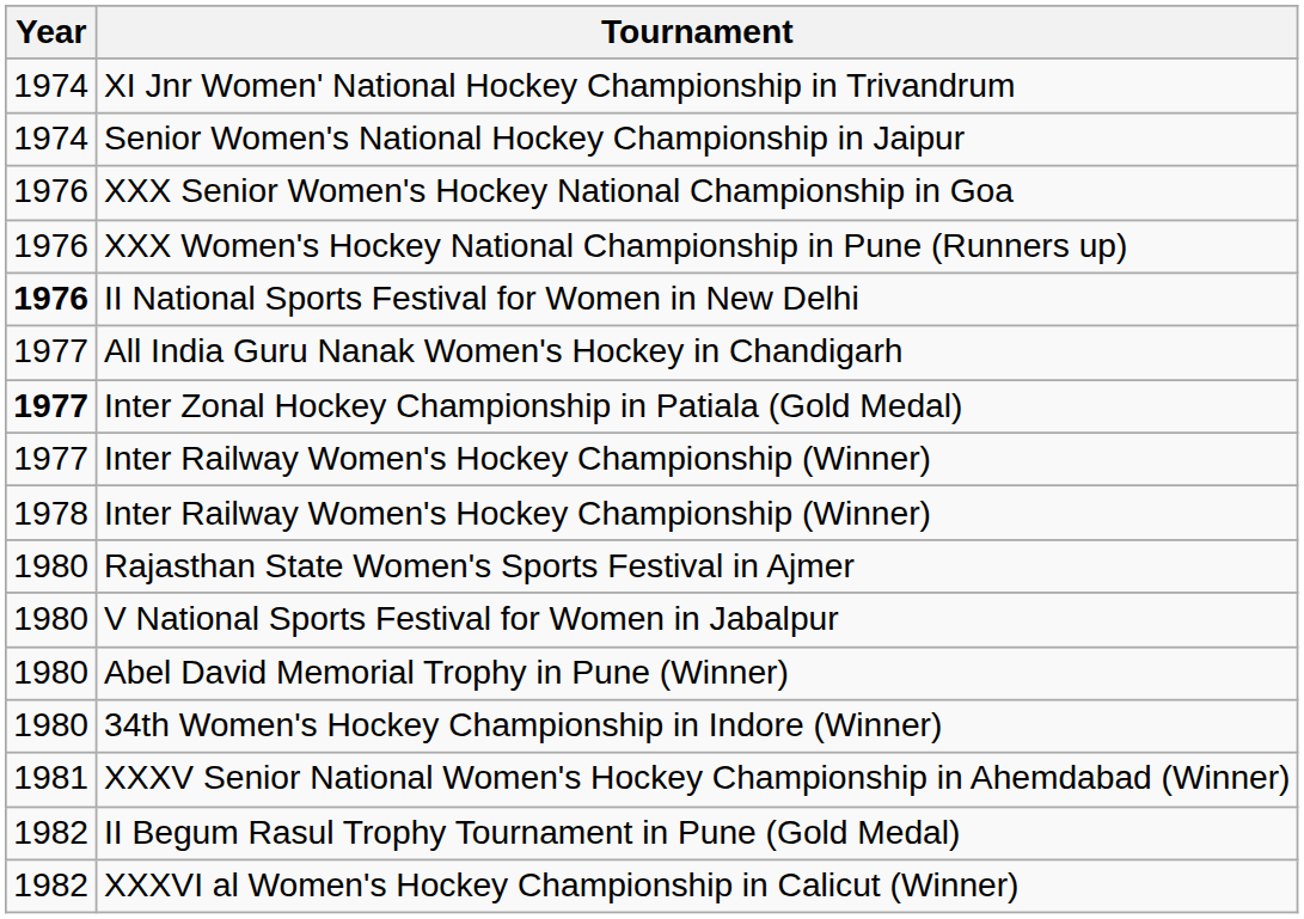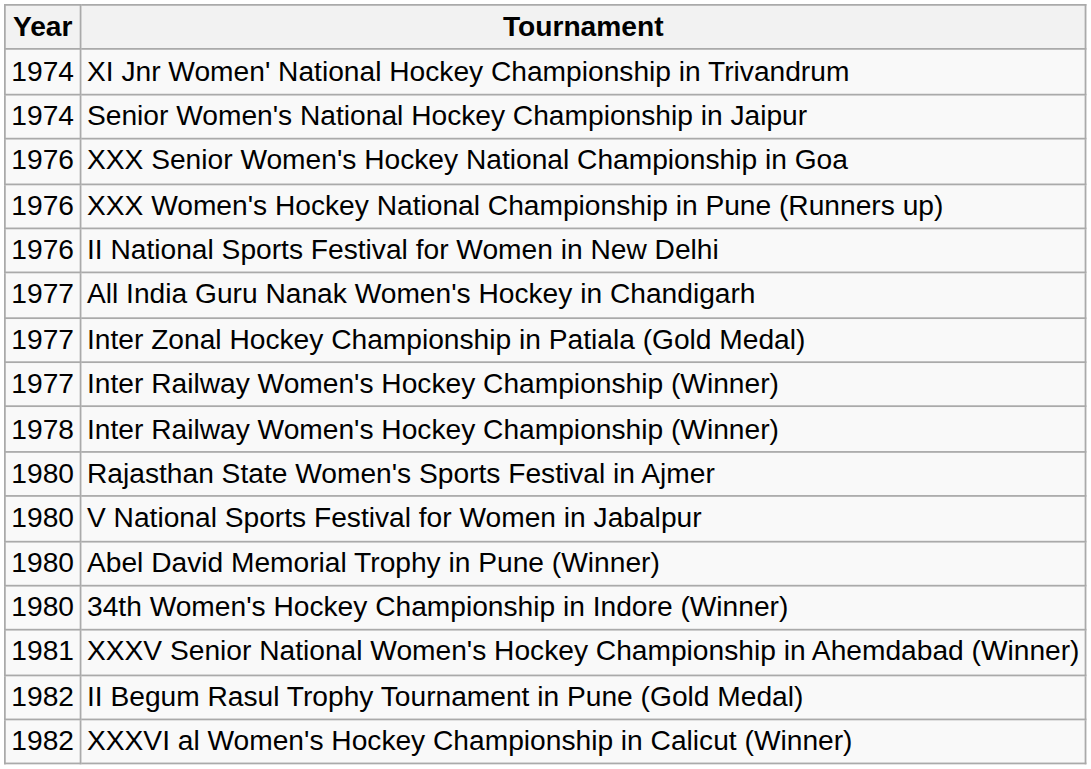 <table class="wikitable">
 <tr>
 <th>Year</th>
 <th>Tournament</th>
 </tr>
 <tr>
 <td>1974</td>
 <td>XI Jnr Women' National Hockey Championship in Trivandrum</td>
 </tr>
 <tr>
 <td>1974</td>
 <td>Senior Women's National Hockey Championship in Jaipur</td>
 </tr>
 <tr>
 <td>1976</td>
 <td>XXX Senior Women's Hockey National Championship in Goa</td>
 </tr>
 <tr>
 <td>1976</td>
 <td>XXX Women's Hockey National Championship in Pune (Runners up)</td>
 </tr>
 <tr>
-<td><strong>1976</strong></td>
+<td>1976</td>
 <td>II National Sports Festival for Women in New Delhi</td>
 </tr>
 <tr>
 <td>1977</td>
 <td>All India Guru Nanak Women's Hockey in Chandigarh</td>
 </tr>
 <tr>
-<td><strong>1977</strong></td>
+<td>1977</td>
 <td>Inter Zonal Hockey Championship in Patiala (Gold Medal)</td>
 </tr>
 <tr>
 <td>1977</td>
 <td>Inter Railway Women's Hockey Championship (Winner)</td>
 </tr>
 <tr>
 <td>1978</td>
 <td>Inter Railway Women's Hockey Championship (Winner)</td>
 </tr>
 <tr>
 <td>1980</td>
 <td>Rajasthan State Women's Sports Festival in Ajmer</td>
 </tr>
 <tr>
 <td>1980</td>
 <td>V National Sports Festival for Women in Jabalpur</td>
 </tr>
 <tr>
 <td>1980</td>
 <td>Abel David Memorial Trophy in Pune (Winner)</td>
 </tr>
 <tr>
 <td>1980</td>
 <td>34th Women's Hockey Championship in Indore (Winner)</td>
 </tr>
 <tr>
 <td>1981</td>
 <td>XXXV Senior National Women's Hockey Championship in Ahemdabad (Winner)</td>
 </tr>
 <tr>
 <td>1982</td>
 <td>II Begum Rasul Trophy Tournament in Pune (Gold Medal)</td>
 </tr>
 <tr>
 <td>1982</td>
 <td>XXXVI al Women's Hockey Championship in Calicut (Winner)</td>
 </tr>
 </table>
